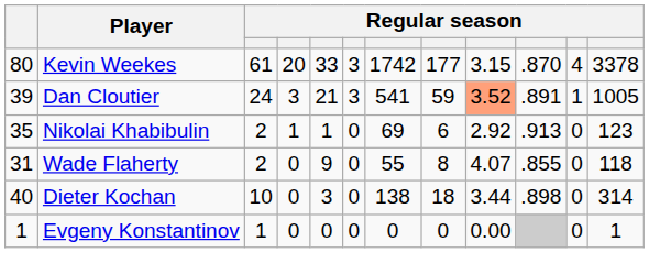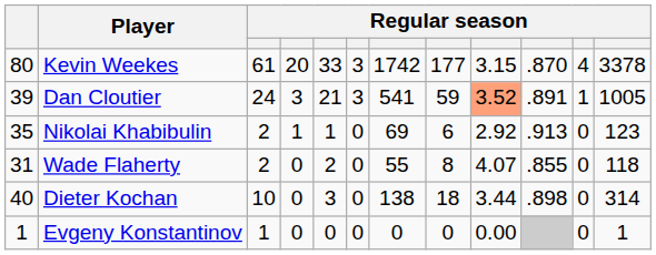 <table class="wikitable plainrowheaders" style="text-align:center;">
 <tr>
 <th scope="col" rowspan="2"></th>
 <th scope="col" rowspan="2">Player</th>
 <th scope=colgroup colspan=10>Regular season</th>
 </tr>
 <tr>
 <th scope="col"></th>
 <th scope="col"></th>
 <th scope="col"></th>
 <th scope="col"></th>
 <th scope="col"></th>
 <th scope="col"></th>
 <th scope="col"></th>
 <th scope="col"></th>
 <th scope="col"></th>
 <th scope="col"></th>
 </tr>
 <tr>
 <td scope="row">80</td>
 <td align="left"><a href='#'>Kevin Weekes</a></td>
 <td>61</td>
 <td>20</td>
 <td>33</td>
 <td>3</td>
 <td>1742</td>
 <td>177</td>
 <td>3.15</td>
 <td>.870</td>
 <td>4</td>
 <td>3378</td>
 </tr>
 <tr>
 <td scope="row">39</td>
 <td align="left"><a href='#'>Dan Cloutier</a></td>
 <td>24</td>
 <td>3</td>
 <td>21</td>
 <td>3</td>
 <td>541</td>
 <td>59</td>
 <td style="background: lightsalmon;">3.52</td>
 <td>.891</td>
 <td>1</td>
 <td>1005</td>
 </tr>
 <tr>
 <td scope="row">35</td>
 <td align="left"><a href='#'>Nikolai Khabibulin</a></td>
 <td>2</td>
 <td>1</td>
 <td>1</td>
 <td>0</td>
 <td>69</td>
 <td>6</td>
 <td>2.92</td>
 <td>.913</td>
 <td>0</td>
 <td>123</td>
 </tr>
 <tr>
 <td scope="row">31</td>
 <td align="left"><a href='#'>Wade Flaherty</a></td>
 <td>2</td>
 <td>0</td>
-<td>9</td>
+<td>2</td>
 <td>0</td>
 <td>55</td>
 <td>8</td>
 <td>4.07</td>
 <td>.855</td>
 <td>0</td>
 <td>118</td>
 </tr>
 <tr>
 <td scope="row">40</td>
 <td align="left"><a href='#'>Dieter Kochan</a></td>
 <td>10</td>
 <td>0</td>
 <td>3</td>
 <td>0</td>
 <td>138</td>
 <td>18</td>
 <td>3.44</td>
 <td>.898</td>
 <td>0</td>
 <td>314</td>
 </tr>
 <tr>
 <td scope="row">1</td>
 <td align="left"><a href='#'>Evgeny Konstantinov</a></td>
 <td>1</td>
 <td>0</td>
 <td>0</td>
 <td>0</td>
 <td>0</td>
 <td>0</td>
 <td>0.00</td>
 <td style="background:#ccc"></td>
 <td>0</td>
 <td>1</td>
 </tr>
 </table>
